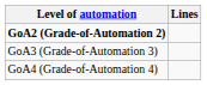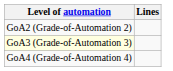 <table class="wikitable">
 <tr>
 <th>Level of <a href='#'>automation</a></th>
 <th> Lines</th>
 </tr>
 <tr>
-<td><strong>GoA2 (Grade-of-Automation 2)</strong></td>
+<td>GoA2 (Grade-of-Automation 2)</td>
 <td>          </td>
 </tr>
 <tr>
-<td>GoA3 (Grade-of-Automation 3)</td>
+<td style="background: lightyellow;">GoA3 (Grade-of-Automation 3)</td>
 <td>  </td>
 </tr>
 <tr>
 <td>GoA4 (Grade-of-Automation 4)</td>
 <td>    </td>
 </tr>
 </table>
